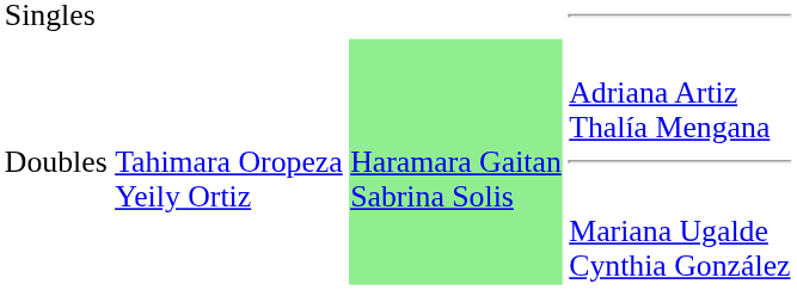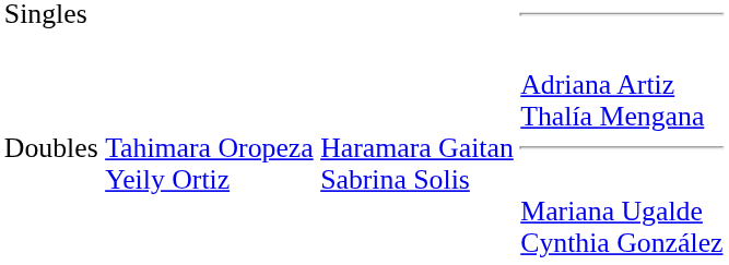 <table>
 <tr>
 <td>Singles</td>
 <td></td>
 <td></td>
 <td><hr></td>
 </tr>
 <tr>
 <td>Doubles</td>
 <td><br><a href='#'>Tahimara Oropeza</a><br><a href='#'>Yeily Ortiz</a></td>
-<td style="background: lightgreen;"><br><a href='#'>Haramara Gaitan</a><br><a href='#'>Sabrina Solis</a></td>
+<td><br><a href='#'>Haramara Gaitan</a><br><a href='#'>Sabrina Solis</a></td>
 <td><br><a href='#'>Adriana Artiz</a><br><a href='#'>Thalía Mengana</a><hr><br><a href='#'>Mariana Ugalde</a><br><a href='#'>Cynthia González</a></td>
 </tr>
 </table>
